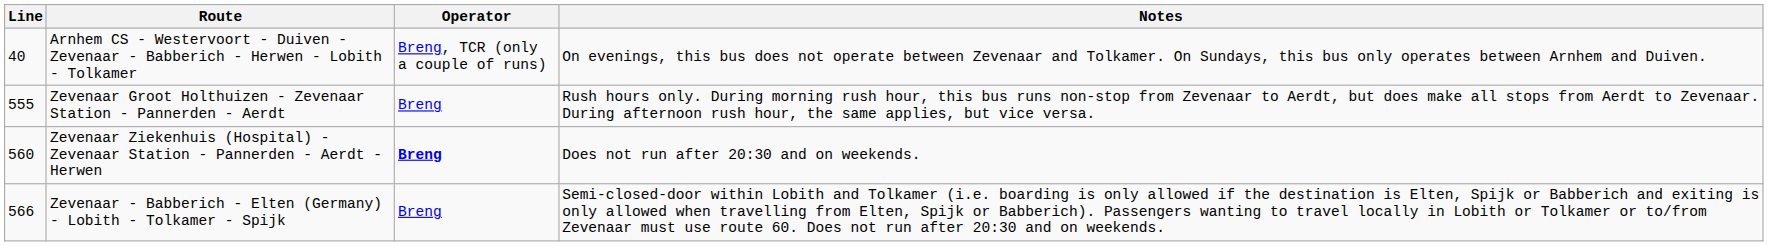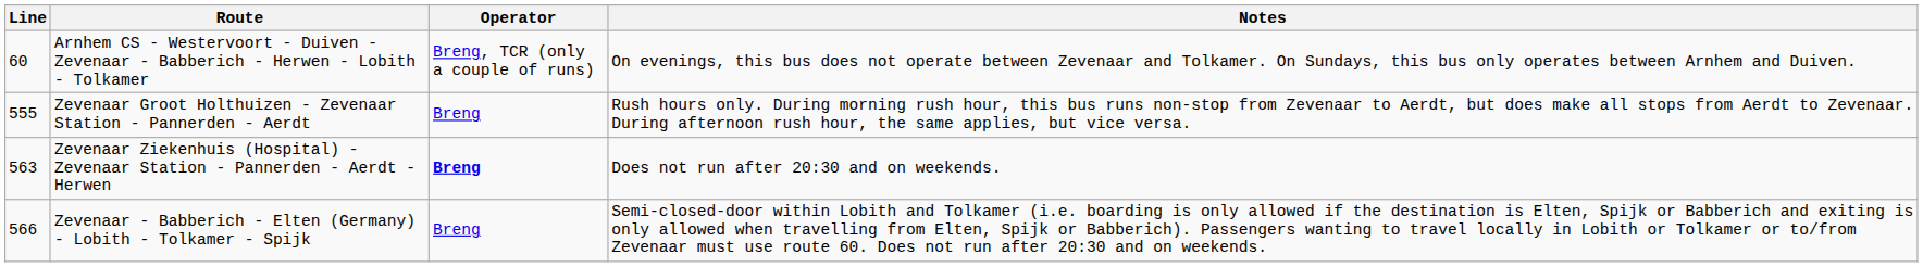 <table class="wikitable">
 <tr>
 <th>Line</th>
 <th>Route</th>
 <th>Operator</th>
 <th>Notes</th>
 </tr>
 <tr>
-<td>40</td>
+<td>60</td>
 <td>Arnhem CS - Westervoort - Duiven - Zevenaar - Babberich - Herwen - Lobith - Tolkamer</td>
 <td><a href='#'>Breng</a>, TCR (only a couple of runs)</td>
 <td>On evenings, this bus does not operate between Zevenaar and Tolkamer. On Sundays, this bus only operates between Arnhem and Duiven.</td>
 </tr>
 <tr>
 <td>555</td>
 <td>Zevenaar Groot Holthuizen - Zevenaar Station - Pannerden - Aerdt</td>
 <td><a href='#'>Breng</a></td>
 <td>Rush hours only. During morning rush hour, this bus runs non-stop from Zevenaar to Aerdt, but does make all stops from Aerdt to Zevenaar. During afternoon rush hour, the same applies, but vice versa.</td>
 </tr>
 <tr>
-<td>560</td>
+<td>563</td>
 <td>Zevenaar Ziekenhuis (Hospital) - Zevenaar Station - Pannerden - Aerdt - Herwen</td>
 <td><strong><a href='#'>Breng</a></strong></td>
 <td>Does not run after 20:30 and on weekends.</td>
 </tr>
 <tr>
 <td>566</td>
 <td>Zevenaar - Babberich - Elten (Germany) - Lobith - Tolkamer - Spijk</td>
 <td><a href='#'>Breng</a></td>
 <td>Semi-closed-door within Lobith and Tolkamer (i.e. boarding is only allowed if the destination is Elten, Spijk or Babberich and exiting is only allowed when travelling from Elten, Spijk or Babberich). Passengers wanting to travel locally in Lobith or Tolkamer or to/from Zevenaar must use route 60. Does not run after 20:30 and on weekends.</td>
 </tr>
 </table>
